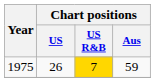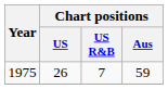 <table class="wikitable" style="text-align:center;">
 <tr>
 <th rowspan="2">Year</th>
 <th colspan="3">Chart positions</th>
 </tr>
 <tr style="font-size:smaller;">
 <th width="40"><a href='#'>US</a></th>
 <th width="40"><a href='#'>US<br>R&B</a></th>
 <th width="40"><a href='#'>Aus</a></th>
 </tr>
 <tr>
 <td>1975</td>
 <td>26</td>
-<td style="background: gold;">7</td>
+<td>7</td>
 <td>59</td>
 </tr>
 <tr>
 </tr>
 </table>
